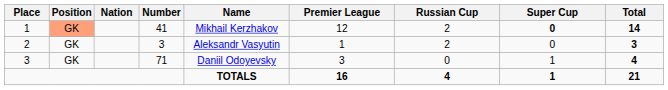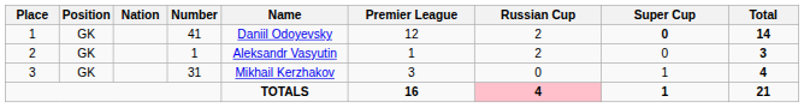 <table class="wikitable" style="font-size: 95%; text-align: center;">
 <tr>
 <th width=60>Place</th>
 <th width=60>Position</th>
 <th width=60>Nation</th>
 <th width=60>Number</th>
 <th width=150>Name</th>
 <th width=150>Premier League</th>
 <th width=150>Russian Cup</th>
 <th width=150>Super Cup</th>
 <th width=80><strong>Total</strong></th>
 </tr>
 <tr>
 <td>1</td>
-<td style="background: lightsalmon;">GK</td>
+<td>GK</td>
 <td></td>
 <td>41</td>
-<td><a href='#'>Mikhail Kerzhakov</a></td>
+<td><a href='#'>Daniil Odoyevsky</a></td>
 <td>12</td>
 <td>2</td>
 <td><strong>0</strong></td>
 <td><strong>14</strong></td>
 </tr>
 <tr>
 <td>2</td>
 <td>GK</td>
 <td></td>
-<td>3</td>
+<td>1</td>
 <td><a href='#'>Aleksandr Vasyutin</a></td>
 <td>1</td>
 <td>2</td>
 <td>0</td>
 <td><strong>3</strong></td>
 </tr>
 <tr>
 <td>3</td>
 <td>GK</td>
 <td></td>
-<td>71</td>
-<td><a href='#'>Daniil Odoyevsky</a></td>
+<td>31</td>
+<td><a href='#'>Mikhail Kerzhakov</a></td>
 <td>3</td>
 <td>0</td>
 <td>1</td>
 <td><strong>4</strong></td>
 </tr>
 <tr>
 <td colspan="4"></td>
 <td><strong>TOTALS</strong></td>
 <td><strong>16</strong></td>
-<td><strong>4</strong></td>
+<td style="background: pink;"><strong>4</strong></td>
 <td><strong>1</strong></td>
 <td><strong>21</strong></td>
 </tr>
 </table>
